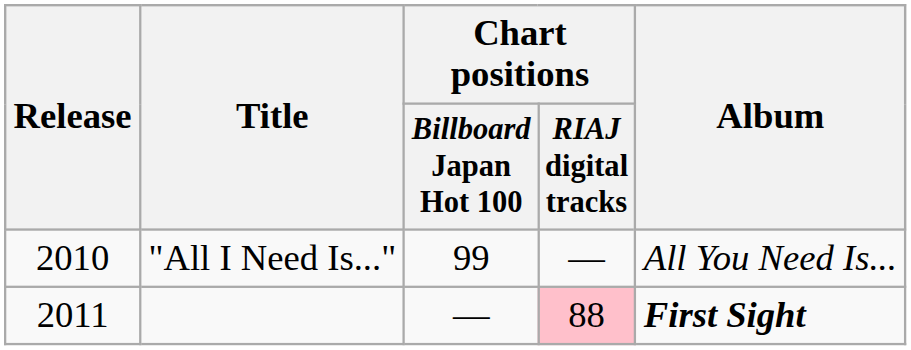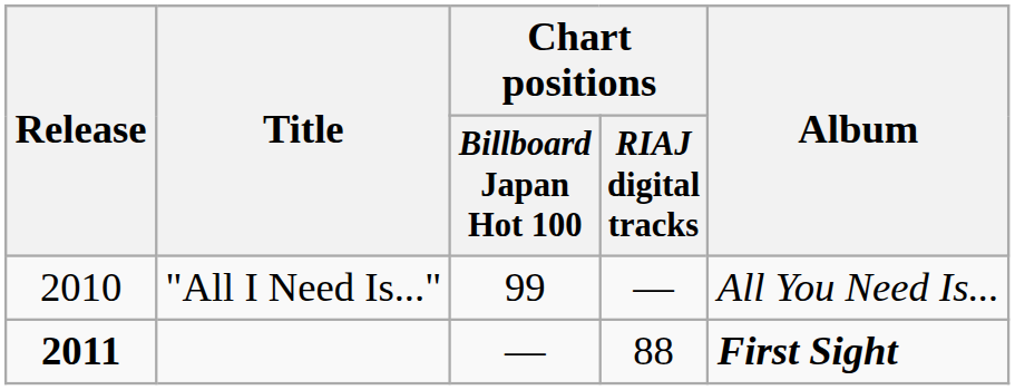 <table class="wikitable" style="text-align:center">
 <tr bgcolor="#CCCCCC">
 <th rowspan="2">Release</th>
 <th rowspan="2">Title</th>
 <th colspan="2">Chart positions</th>
 <th rowspan="2">Album</th>
 </tr>
 <tr style="font-size:smaller;">
 <th width="35"><em>Billboard</em> Japan Hot 100<br></th>
 <th width="35"><em>RIAJ</em> digital tracks<br></th>
 </tr>
 <tr>
 <td rowspan="1">2010</td>
 <td align="left">"All I Need Is..."</td>
 <td>99</td>
 <td>—</td>
 <td align="left" rowspan="1"><em>All You Need Is...</em></td>
 </tr>
 <tr>
-<td rowspan="1">2011</td>
+<td rowspan="1"><strong>2011</strong></td>
 <td align="left"></td>
 <td>—</td>
-<td style="background: pink;">88</td>
+<td>88</td>
 <td align="left" rowspan="1"><strong><em>First Sight</em></strong></td>
 </tr>
 </table>
